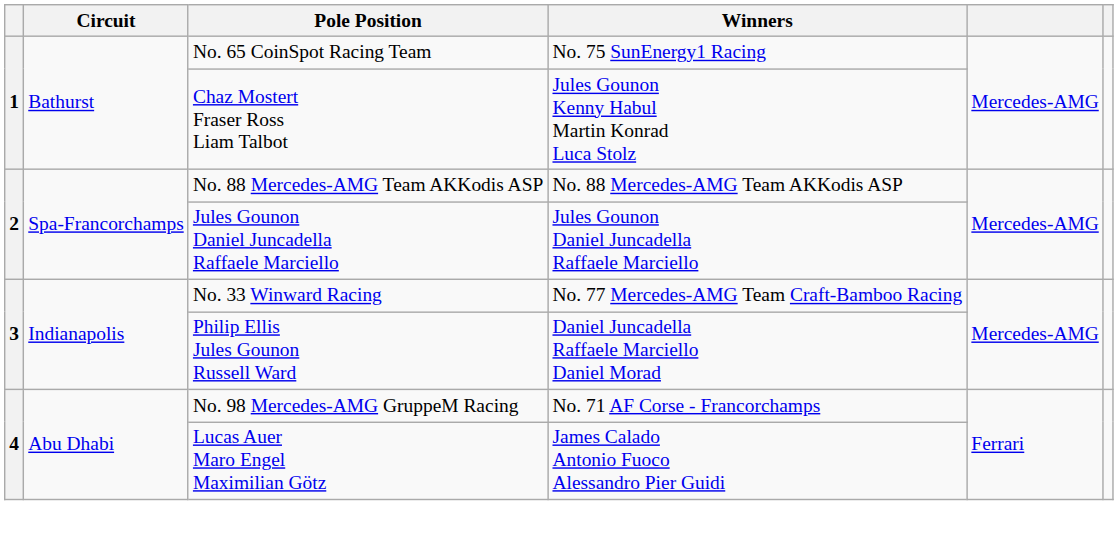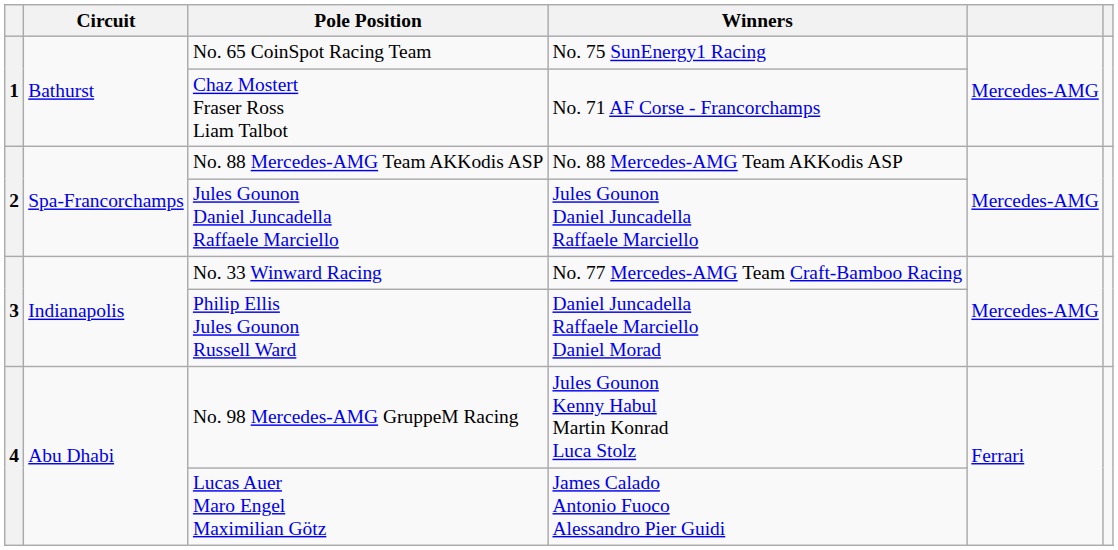 <table class="wikitable" style=font-size:85%;>
 <tr>
 <th></th>
 <th>Circuit</th>
 <th>Pole Position</th>
 <th> Winners</th>
 <th></th>
 <th></th>
 </tr>
 <tr>
 <th rowspan=2>1</th>
 <td rowspan=2> <a href='#'>Bathurst</a></td>
 <td> No. 65 CoinSpot Racing Team</td>
 <td> No. 75 <a href='#'>SunEnergy1 Racing</a></td>
 <td rowspan=2> <a href='#'>Mercedes-AMG</a></td>
 <td rowspan=2></td>
 </tr>
 <tr>
 <td> <a href='#'>Chaz Mostert</a><br> Fraser Ross<br> Liam Talbot</td>
-<td> <a href='#'>Jules Gounon</a><br> <a href='#'>Kenny Habul</a><br> Martin Konrad<br> <a href='#'>Luca Stolz</a></td>
+<td> No. 71 <a href='#'>AF Corse - Francorchamps</a></td>
 </tr>
 <tr>
 <th rowspan=2>2</th>
 <td rowspan=2> <a href='#'>Spa-Francorchamps</a></td>
 <td> No. 88 <a href='#'>Mercedes-AMG</a> Team AKKodis ASP</td>
 <td> No. 88 <a href='#'>Mercedes-AMG</a> Team AKKodis ASP</td>
 <td rowspan=2> <a href='#'>Mercedes-AMG</a></td>
 <td rowspan=2></td>
 </tr>
 <tr>
 <td> <a href='#'>Jules Gounon</a><br> <a href='#'>Daniel Juncadella</a><br> <a href='#'>Raffaele Marciello</a></td>
 <td> <a href='#'>Jules Gounon</a><br> <a href='#'>Daniel Juncadella</a><br> <a href='#'>Raffaele Marciello</a></td>
 </tr>
 <tr>
 <th rowspan=2>3</th>
 <td rowspan=2> <a href='#'>Indianapolis</a></td>
 <td> No. 33 <a href='#'>Winward Racing</a></td>
 <td> No. 77 <a href='#'>Mercedes-AMG</a> Team <a href='#'>Craft-Bamboo Racing</a></td>
 <td rowspan=2> <a href='#'>Mercedes-AMG</a></td>
 <td rowspan=2></td>
 </tr>
 <tr>
 <td> <a href='#'>Philip Ellis</a><br> <a href='#'>Jules Gounon</a><br> <a href='#'>Russell Ward</a></td>
 <td> <a href='#'>Daniel Juncadella</a><br> <a href='#'>Raffaele Marciello</a><br> <a href='#'>Daniel Morad</a></td>
 </tr>
 <tr>
 <th rowspan=2>4</th>
 <td rowspan=2> <a href='#'>Abu Dhabi</a></td>
 <td> No. 98 <a href='#'>Mercedes-AMG</a> GruppeM Racing</td>
-<td> No. 71 <a href='#'>AF Corse - Francorchamps</a></td>
+<td> <a href='#'>Jules Gounon</a><br> <a href='#'>Kenny Habul</a><br> Martin Konrad<br> <a href='#'>Luca Stolz</a></td>
 <td rowspan=2> <a href='#'>Ferrari</a></td>
 <td rowspan=2></td>
 </tr>
 <tr>
 <td> <a href='#'>Lucas Auer</a><br> <a href='#'>Maro Engel</a><br> <a href='#'>Maximilian Götz</a></td>
 <td> <a href='#'>James Calado</a><br> <a href='#'>Antonio Fuoco</a><br> <a href='#'>Alessandro Pier Guidi</a></td>
 </tr>
 </table>
